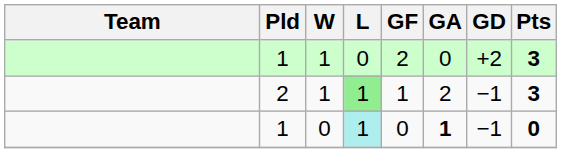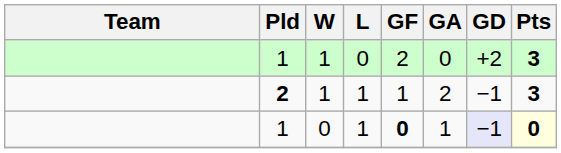 <table class="wikitable" style="text-align:center">
 <tr>
 <th width=175>Team</th>
 <th style="width:20px;" title="Played">Pld</th>
 <th style="width:20px;" title="Won">W</th>
 <th style="width:20px;" title="Lost">L</th>
 <th style="width:20px;" title="Goals for">GF</th>
 <th style="width:20px;" title="Goals against">GA</th>
 <th style="width:20px;" title="Goal difference">GD</th>
 <th style="width:20px;" title="Points">Pts</th>
 </tr>
 <tr style="background:#cfc;">
 <td align=left></td>
 <td>1</td>
 <td>1</td>
 <td>0</td>
 <td>2</td>
 <td>0</td>
 <td>+2</td>
 <td><strong>3</strong></td>
 </tr>
 <tr>
 <td align=left></td>
-<td>2</td>
+<td><strong>2</strong></td>
 <td>1</td>
-<td style="background: lightgreen;">1</td>
+<td>1</td>
 <td>1</td>
 <td>2</td>
 <td>−1</td>
 <td><strong>3</strong></td>
 </tr>
 <tr>
 <td align=left></td>
 <td>1</td>
 <td>0</td>
-<td style="background: paleturquoise;">1</td>
-<td>0</td>
-<td><strong>1</strong></td>
-<td>−1</td>
+<td>1</td>
 <td><strong>0</strong></td>
+<td>1</td>
+<td style="background: lavender;">−1</td>
+<td style="background: lightyellow;"><strong>0</strong></td>
 </tr>
 <tr>
 </tr>
 </table>
